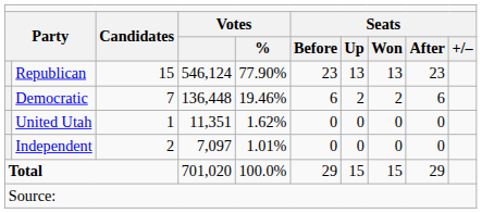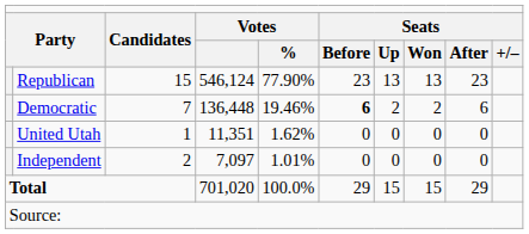 <table class="wikitable">
 <tr>
 <td colspan=15 align=center></td>
 </tr>
 <tr>
 <th rowspan="2" colspan="2">Party</th>
 <th rowspan="2">Candidates</th>
 <th colspan="2">Votes</th>
 <th colspan="5">Seats</th>
 </tr>
 <tr>
 <th></th>
 <th>%</th>
 <th>Before</th>
 <th>Up</th>
 <th>Won</th>
 <th>After</th>
 <th>+/–</th>
 </tr>
 <tr>
 <th style="background-color:"></th>
 <td><a href='#'>Republican</a></td>
 <td align="right">15</td>
 <td align="right">546,124</td>
 <td align="right">77.90%</td>
 <td align="right">23</td>
 <td align="right">13</td>
 <td align="right">13</td>
 <td align="right">23</td>
 <td align="right"></td>
 </tr>
 <tr>
 <th style="background-color:"></th>
 <td><a href='#'>Democratic</a></td>
 <td align="right">7</td>
 <td align="right">136,448</td>
 <td align="right">19.46%</td>
-<td align="right">6</td>
+<td align="right"><strong>6</strong></td>
 <td align="right">2</td>
 <td align="right">2</td>
 <td align="right">6</td>
 <td align="right"></td>
 </tr>
 <tr>
 <th style="background-color:"></th>
 <td><a href='#'>United Utah</a></td>
 <td align="right">1</td>
 <td align="right">11,351</td>
 <td align="right">1.62%</td>
 <td align="right">0</td>
 <td align="right">0</td>
 <td align="right">0</td>
 <td align="right">0</td>
 <td align="right"></td>
 </tr>
 <tr>
 <th style="background-color:"></th>
 <td><a href='#'>Independent</a></td>
 <td align="right">2</td>
 <td align="right">7,097</td>
 <td align="right">1.01%</td>
 <td align="right">0</td>
 <td align="right">0</td>
 <td align="right">0</td>
 <td align="right">0</td>
 <td align="right"></td>
 </tr>
 <tr>
 <td colspan="3" align="left"><strong>Total</strong></td>
 <td align="right">701,020</td>
 <td align="right">100.0%</td>
 <td align="right">29</td>
 <td align="right">15</td>
 <td align="right">15</td>
 <td align="right">29</td>
 <td align="right"></td>
 </tr>
 <tr>
 <td colspan="10">Source: </td>
 </tr>
 </table>
